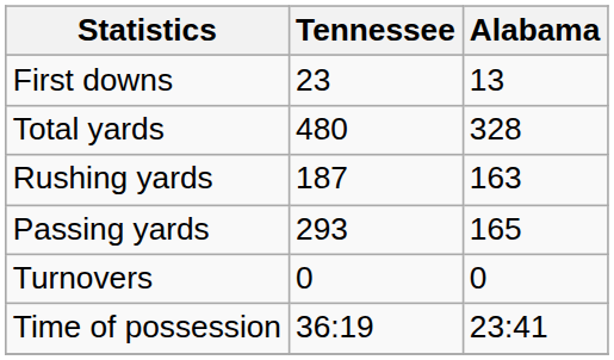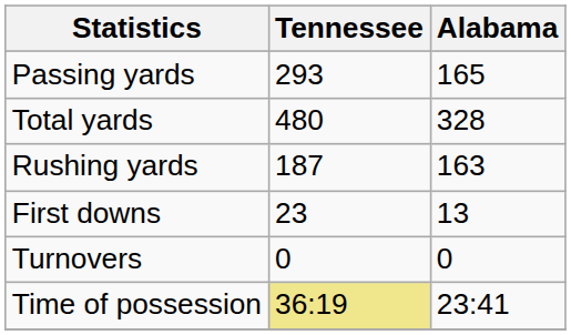 <table class="wikitable" style="float: left;">
 <tr>
 <th>Statistics</th>
 <th>Tennessee</th>
 <th>Alabama</th>
 </tr>
 <tr>
-<td>First downs</td>
-<td>23</td>
-<td>13</td>
+<td>Passing yards</td>
+<td>293</td>
+<td>165</td>
 </tr>
 <tr>
 <td>Total yards</td>
 <td>480</td>
 <td>328</td>
 </tr>
 <tr>
 <td>Rushing yards</td>
 <td>187</td>
 <td>163</td>
 </tr>
 <tr>
-<td>Passing yards</td>
-<td>293</td>
-<td>165</td>
+<td>First downs</td>
+<td>23</td>
+<td>13</td>
 </tr>
 <tr>
 <td>Turnovers</td>
 <td>0</td>
 <td>0</td>
 </tr>
 <tr>
 <td>Time of possession</td>
-<td>36:19</td>
+<td style="background: khaki;">36:19</td>
 <td>23:41</td>
 </tr>
 <tr>
 </tr>
 </table>
